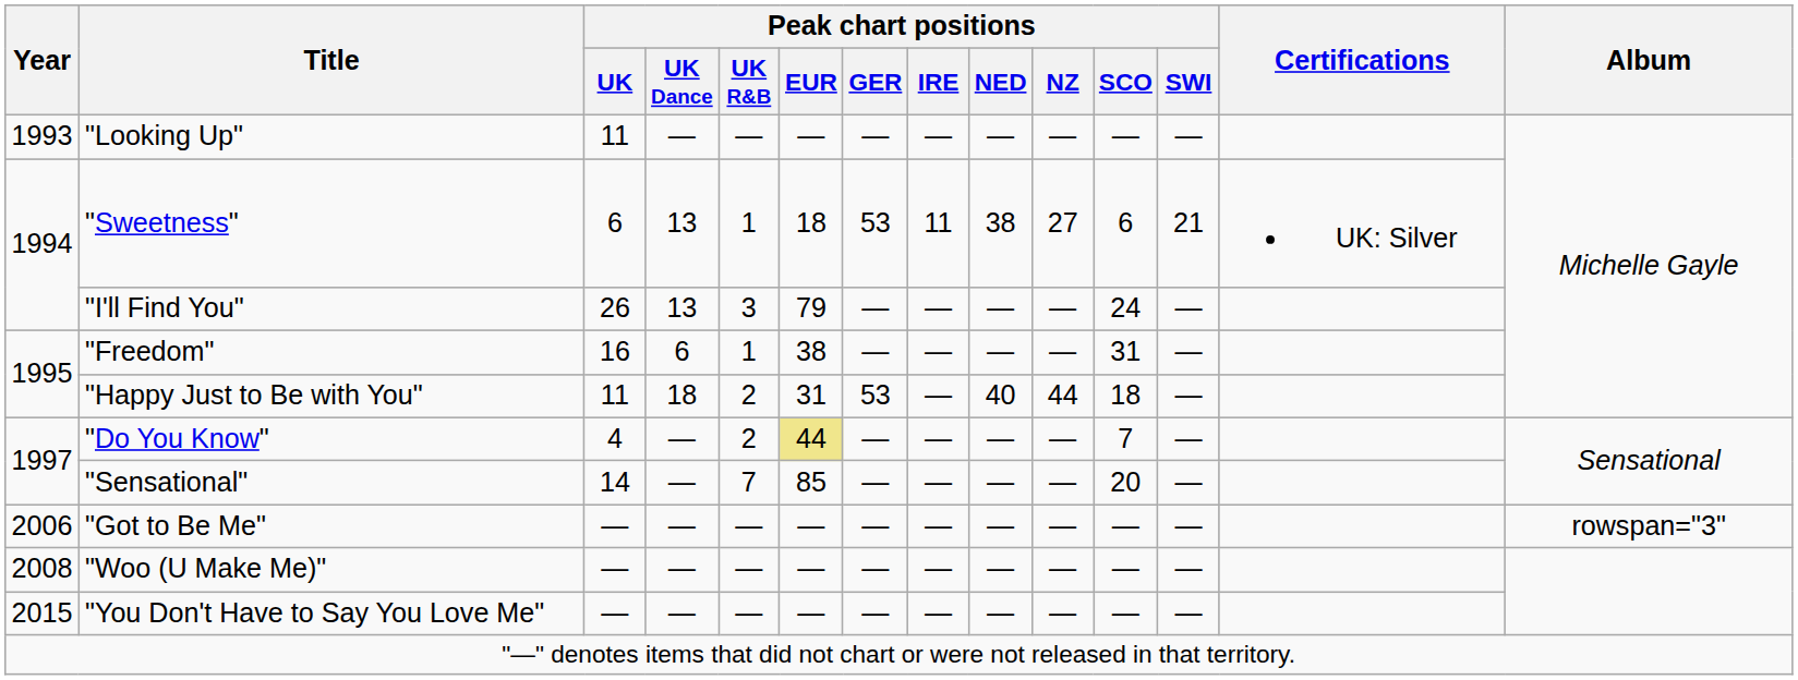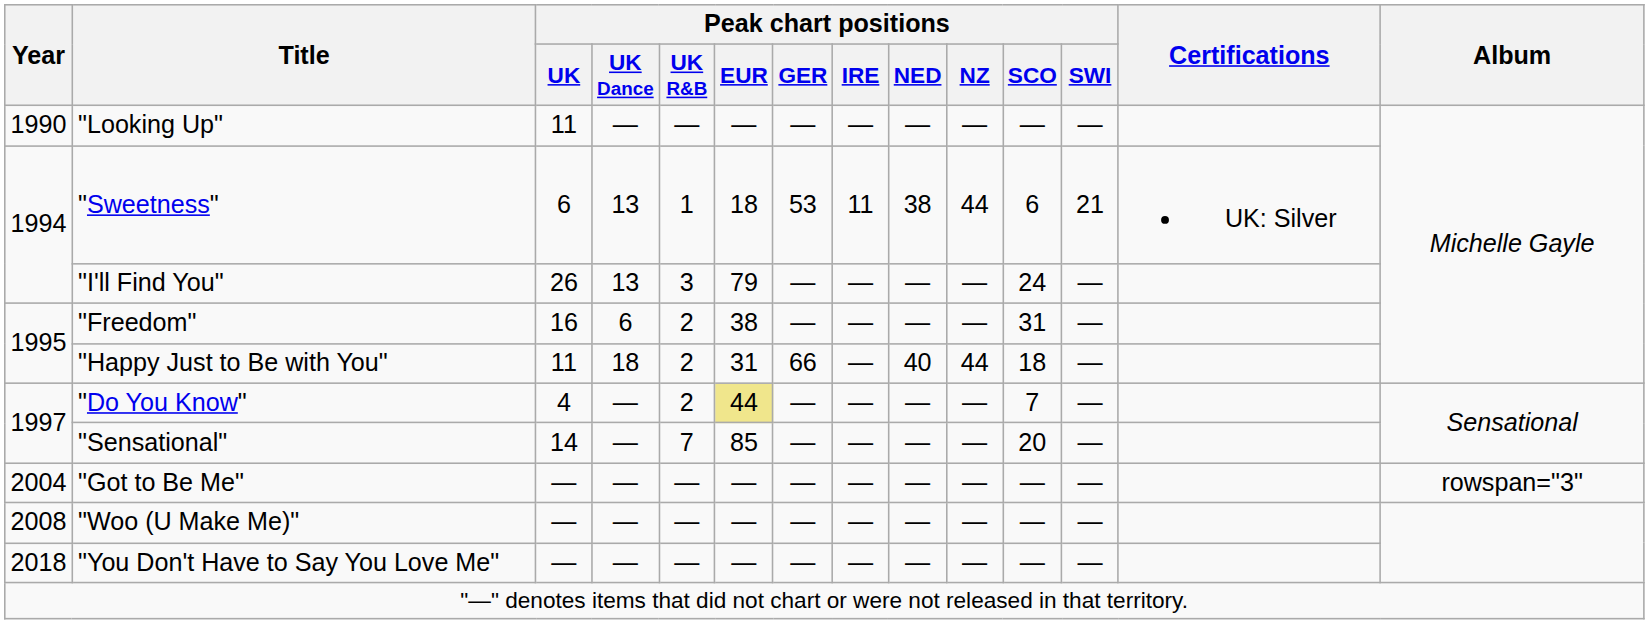 <table class="wikitable" style="text-align:center;">
 <tr>
 <th rowspan="2" style="width:2em;">Year</th>
 <th rowspan="2" style="width:18em;">Title</th>
 <th colspan="10">Peak chart positions</th>
 <th rowspan="2" style="width:10em;"><a href='#'>Certifications</a></th>
 <th rowspan="2" style="width:10em;">Album</th>
 </tr>
 <tr>
 <th style="width:2em;font-size:90%;"><a href='#'>UK</a><br></th>
 <th style="width:2em;font-size:90%;"><a href='#'>UK<br><small>Dance</small></a><br></th>
 <th style="width:2em;font-size:90%;"><a href='#'>UK<br><small>R&B</small></a><br></th>
 <th style="width:2em;font-size:90%;"><a href='#'>EUR</a><br></th>
 <th style="width:2em;font-size:90%;"><a href='#'>GER</a><br></th>
 <th style="width:2em;font-size:90%;"><a href='#'>IRE</a><br></th>
 <th style="width:2em;font-size:90%;"><a href='#'>NED</a><br></th>
 <th style="width:2em;font-size:90%;"><a href='#'>NZ</a><br></th>
 <th style="width:2em;font-size:90%;"><a href='#'>SCO</a><br></th>
 <th style="width:2em;font-size:90%;"><a href='#'>SWI</a><br></th>
 </tr>
 <tr>
-<td>1993</td>
+<td>1990</td>
 <td style="text-align:left;">"Looking Up"</td>
 <td>11</td>
 <td>—</td>
 <td>—</td>
 <td>—</td>
 <td>—</td>
 <td>—</td>
 <td>—</td>
 <td>—</td>
 <td>—</td>
 <td>—</td>
 <td></td>
 <td rowspan="5"><em>Michelle Gayle</em></td>
 </tr>
 <tr>
 <td rowspan="2">1994</td>
 <td style="text-align:left;">"<a href='#'>Sweetness</a>"</td>
 <td>6</td>
 <td>13</td>
 <td>1</td>
 <td>18</td>
 <td>53</td>
 <td>11</td>
 <td>38</td>
-<td>27</td>
+<td>44</td>
 <td>6</td>
 <td>21</td>
 <td><br><ul><li>UK: Silver</li></ul></td>
 </tr>
 <tr>
 <td style="text-align:left;">"I'll Find You"</td>
 <td>26</td>
 <td>13</td>
 <td>3</td>
 <td>79</td>
 <td>—</td>
 <td>—</td>
 <td>—</td>
 <td>—</td>
 <td>24</td>
 <td>—</td>
 <td></td>
 </tr>
 <tr>
 <td rowspan="2">1995</td>
 <td style="text-align:left;">"Freedom"</td>
 <td>16</td>
 <td>6</td>
-<td>1</td>
+<td>2</td>
 <td>38</td>
 <td>—</td>
 <td>—</td>
 <td>—</td>
 <td>—</td>
 <td>31</td>
 <td>—</td>
 <td></td>
 </tr>
 <tr>
 <td style="text-align:left;">"Happy Just to Be with You"</td>
 <td>11</td>
 <td>18</td>
 <td>2</td>
 <td>31</td>
-<td>53</td>
+<td>66</td>
 <td>—</td>
 <td>40</td>
 <td>44</td>
 <td>18</td>
 <td>—</td>
 <td></td>
 </tr>
 <tr>
 <td rowspan="2">1997</td>
 <td style="text-align:left;">"<a href='#'>Do You Know</a>"</td>
 <td>4</td>
 <td>—</td>
 <td>2</td>
 <td style="background: khaki;">44</td>
 <td>—</td>
 <td>—</td>
 <td>—</td>
 <td>—</td>
 <td>7</td>
 <td>—</td>
 <td></td>
 <td rowspan="2"><em>Sensational</em></td>
 </tr>
 <tr>
 <td style="text-align:left;">"Sensational"</td>
 <td>14</td>
 <td>—</td>
 <td>7</td>
 <td>85</td>
 <td>—</td>
 <td>—</td>
 <td>—</td>
 <td>—</td>
 <td>20</td>
 <td>—</td>
 <td></td>
 </tr>
 <tr>
-<td>2006</td>
+<td>2004</td>
 <td style="text-align:left;">"Got to Be Me"</td>
 <td>—</td>
 <td>—</td>
 <td>—</td>
 <td>—</td>
 <td>—</td>
 <td>—</td>
 <td>—</td>
 <td>—</td>
 <td>—</td>
 <td>—</td>
 <td></td>
 <td>rowspan="3" </td>
 </tr>
 <tr>
 <td>2008</td>
 <td style="text-align:left;">"Woo (U Make Me)"</td>
 <td>—</td>
 <td>—</td>
 <td>—</td>
 <td>—</td>
 <td>—</td>
 <td>—</td>
 <td>—</td>
 <td>—</td>
 <td>—</td>
 <td>—</td>
 <td></td>
 </tr>
 <tr>
-<td>2015</td>
+<td>2018</td>
 <td style="text-align:left;">"You Don't Have to Say You Love Me"</td>
 <td>—</td>
 <td>—</td>
 <td>—</td>
 <td>—</td>
 <td>—</td>
 <td>—</td>
 <td>—</td>
 <td>—</td>
 <td>—</td>
 <td>—</td>
 <td></td>
 </tr>
 <tr>
 <td colspan="15" style="font-size:90%">"—" denotes items that did not chart or were not released in that territory.</td>
 </tr>
 </table>
